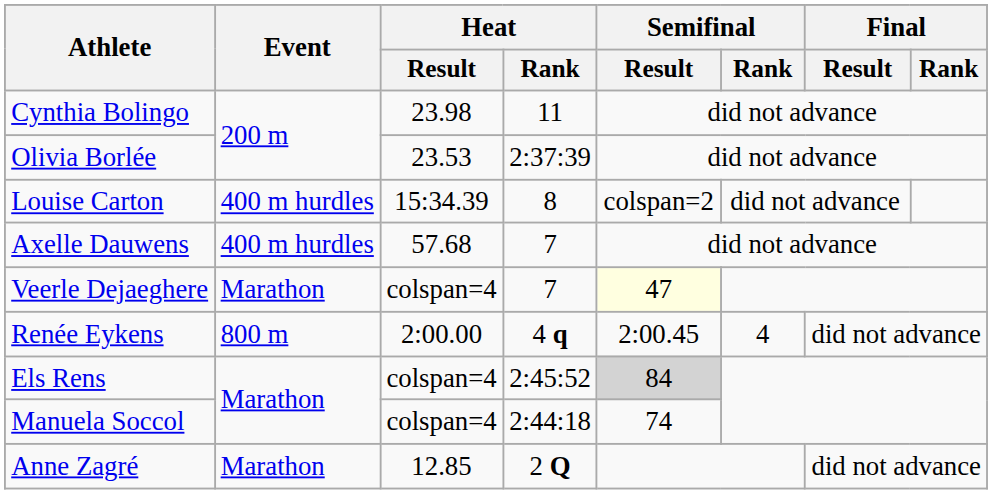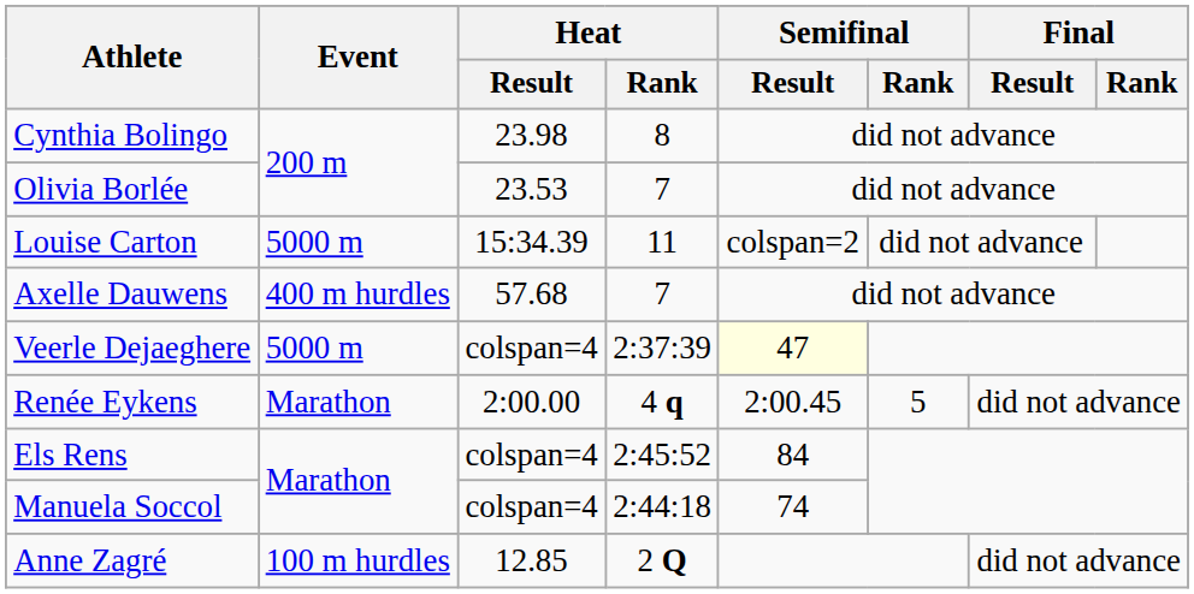 <table class="wikitable" style="font-size:90%">
 <tr>
 <th rowspan="2">Athlete</th>
 <th rowspan="2">Event</th>
 <th colspan="2">Heat</th>
 <th colspan="2">Semifinal</th>
 <th colspan="2">Final</th>
 </tr>
 <tr style="font-size:95%">
 <th>Result</th>
 <th>Rank</th>
 <th>Result</th>
 <th>Rank</th>
 <th>Result</th>
 <th>Rank</th>
 </tr>
 <tr align=center>
 <td align=left><a href='#'>Cynthia Bolingo</a></td>
 <td align=left rowspan=2><a href='#'>200 m</a></td>
 <td>23.98</td>
-<td>11</td>
+<td>8</td>
 <td colspan=4>did not advance</td>
 </tr>
 <tr align=center>
 <td align=left><a href='#'>Olivia Borlée</a></td>
 <td>23.53</td>
-<td>2:37:39</td>
+<td>7</td>
 <td colspan=4>did not advance</td>
 </tr>
 <tr align=center>
 <td align=left><a href='#'>Louise Carton</a></td>
-<td align=left><a href='#'>400 m hurdles</a></td>
+<td align=left><a href='#'>5000 m</a></td>
 <td>15:34.39</td>
-<td>8</td>
+<td>11</td>
 <td>colspan=2 </td>
 <td colspan=2>did not advance</td>
 </tr>
 <tr align=center>
 <td align=left><a href='#'>Axelle Dauwens</a></td>
 <td align=left><a href='#'>400 m hurdles</a></td>
 <td>57.68</td>
 <td>7</td>
 <td colspan=4>did not advance</td>
 </tr>
 <tr align=center>
 <td align=left><a href='#'>Veerle Dejaeghere</a></td>
-<td align=left><a href='#'>Marathon</a></td>
+<td align=left><a href='#'>5000 m</a></td>
 <td>colspan=4 </td>
-<td>7</td>
+<td>2:37:39</td>
 <td style="background: lightyellow;">47</td>
 </tr>
 <tr align=center>
 <td align=left><a href='#'>Renée Eykens</a></td>
-<td align=left><a href='#'>800 m</a></td>
+<td align=left><a href='#'>Marathon</a></td>
 <td>2:00.00</td>
 <td>4 <strong>q</strong></td>
 <td>2:00.45</td>
-<td>4</td>
+<td>5</td>
 <td colspan=2>did not advance</td>
 </tr>
 <tr align=center>
 <td align=left><a href='#'>Els Rens</a></td>
 <td align=left rowspan=2><a href='#'>Marathon</a></td>
 <td>colspan=4 </td>
 <td>2:45:52</td>
-<td style="background: lightgrey;">84</td>
+<td>84</td>
 </tr>
 <tr align=center>
 <td align=left><a href='#'>Manuela Soccol</a></td>
 <td>colspan=4 </td>
 <td>2:44:18</td>
 <td>74</td>
 </tr>
 <tr align=center>
 <td align=left><a href='#'>Anne Zagré</a></td>
-<td align=left><a href='#'>Marathon</a></td>
+<td align=left><a href='#'>100 m hurdles</a></td>
 <td>12.85</td>
 <td>2 <strong>Q</strong></td>
 <td colspan=2></td>
 <td colspan=2>did not advance</td>
 </tr>
 </table>
